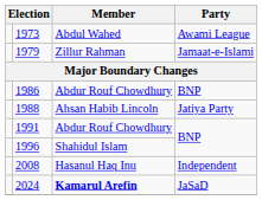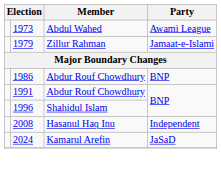 <table class="wikitable">
 <tr>
 <th colspan="2">Election</th>
 <th>Member</th>
 <th>Party</th>
 </tr>
 <tr>
 <td style="background-color:"></td>
 <td><a href='#'>1973</a></td>
 <td><a href='#'>Abdul Wahed</a></td>
 <td><a href='#'>Awami League</a></td>
 </tr>
 <tr>
 <td style="background-color:"></td>
 <td><a href='#'>1979</a></td>
 <td><a href='#'>Zillur Rahman</a></td>
 <td><a href='#'>Jamaat-e-Islami</a></td>
 </tr>
 <tr>
 <th colspan="4">Major Boundary Changes</th>
 </tr>
 <tr>
 <td style="background-color:"></td>
 <td><a href='#'>1986</a></td>
 <td><a href='#'>Abdur Rouf Chowdhury</a></td>
 <td><a href='#'>BNP</a></td>
 </tr>
 <tr>
 <td style="background-color:"></td>
-<td><a href='#'>1988</a></td>
-<td><a href='#'>Ahsan Habib Lincoln</a></td>
-<td><a href='#'>Jatiya Party</a></td>
-</tr>
-<tr>
-<td style="background-color:"></td>
 <td><a href='#'>1991</a></td>
 <td><a href='#'>Abdur Rouf Chowdhury</a></td>
 <td rowspan="2"><a href='#'>BNP</a></td>
 </tr>
 <tr>
 <td style="background-color:"></td>
 <td><a href='#'>1996</a></td>
 <td><a href='#'>Shahidul Islam</a></td>
 </tr>
 <tr>
 <td style="background-color:"></td>
 <td><a href='#'>2008</a></td>
 <td><a href='#'>Hasanul Haq Inu</a></td>
 <td><a href='#'>Independent</a></td>
 </tr>
 <tr>
 <td style="background-color:"></td>
 <td><a href='#'>2024</a></td>
-<td><strong><a href='#'>Kamarul Arefin</a></strong></td>
+<td><a href='#'>Kamarul Arefin</a></td>
 <td><a href='#'>JaSaD</a></td>
 </tr>
 <tr>
 </tr>
 </table>
